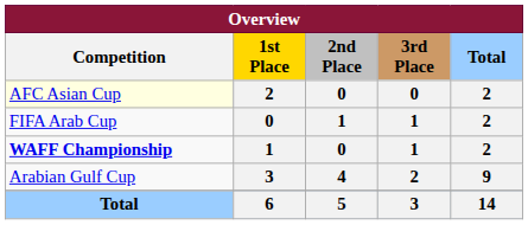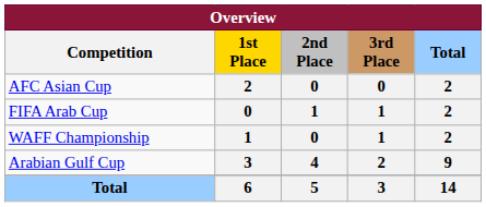 <table class="wikitable" style="width:30%;text-align:center">
 <tr>
 <th colspan="6" style="background: #8A1538; color:white; border: 1px solid #660033;">Overview</th>
 </tr>
 <tr>
 <th>Competition</th>
 <th style="width:14%;background:gold">1st Place</th>
 <th style="width:14%;background:silver">2nd Place</th>
 <th style="width:14%;background:#c96">3rd Place</th>
 <th style="width:14%;background:#9acdff"><strong>Total</strong></th>
 </tr>
 <tr>
-<td align=left style="background: lightyellow;"><a href='#'>AFC Asian Cup</a></td>
+<td align=left><a href='#'>AFC Asian Cup</a></td>
 <th>2</th>
 <th>0</th>
 <th>0</th>
 <th>2</th>
 </tr>
 <tr>
 <td align=left><a href='#'>FIFA Arab Cup</a></td>
 <th>0</th>
 <th>1</th>
 <th>1</th>
 <th>2</th>
 </tr>
 <tr>
-<td align=left><strong><a href='#'>WAFF Championship</a></strong></td>
+<td align=left><a href='#'>WAFF Championship</a></td>
 <th>1</th>
 <th>0</th>
 <th>1</th>
 <th>2</th>
 </tr>
 <tr>
 <td align=left><a href='#'>Arabian Gulf Cup</a></td>
 <th>3</th>
 <th>4</th>
 <th>2</th>
 <th>9</th>
 </tr>
 <tr>
 </tr>
 <tr style="background:#9acdff">
 <td><strong>Total</strong></td>
 <th>6</th>
 <th>5</th>
 <th>3</th>
 <th>14</th>
 </tr>
 </table>
